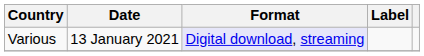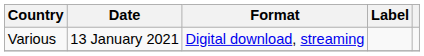 <table class="wikitable">
 <tr>
 <th>Country</th>
 <th>Date</th>
 <th>Format</th>
 <th>Label</th>
 <th></th>
 </tr>
 <tr>
 <td rowspan="1">Various</td>
 <td>13 January 2021</td>
-<td rowspan="1" style="background: lavender;"><a href='#'>Digital download</a>, <a href='#'>streaming</a></td>
+<td rowspan="1"><a href='#'>Digital download</a>, <a href='#'>streaming</a></td>
 <td rowspan="1"></td>
 <td></td>
 </tr>
 <tr>
 </tr>
 </table>
